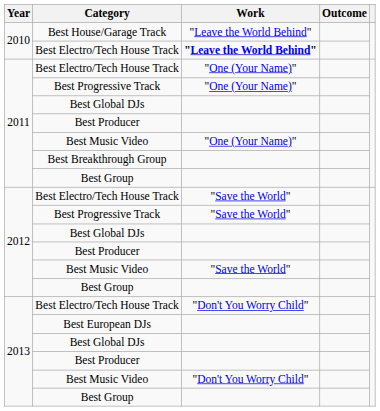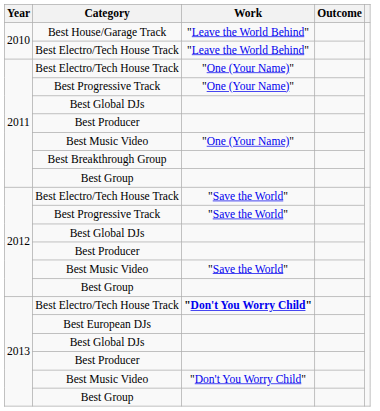 <table class="wikitable plainrowheaders" style="text-align:center;">
 <tr>
 <th>Year</th>
 <th>Category</th>
 <th>Work</th>
 <th>Outcome</th>
 <th></th>
 </tr>
 <tr>
 <td rowspan="2">2010</td>
 <td>Best House/Garage Track</td>
 <td>"<a href='#'>Leave the World Behind</a>"</td>
 <td></td>
 <td rowspan="2"></td>
 </tr>
 <tr>
 <td>Best Electro/Tech House Track</td>
-<td><strong>"<a href='#'>Leave the World Behind</a>"</strong></td>
+<td>"<a href='#'>Leave the World Behind</a>"</td>
 <td></td>
 </tr>
 <tr>
 <td rowspan="7">2011</td>
 <td>Best Electro/Tech House Track</td>
 <td>"<a href='#'>One (Your Name)</a>"</td>
 <td></td>
 <td rowspan="7"></td>
 </tr>
 <tr>
 <td>Best Progressive Track</td>
 <td>"<a href='#'>One (Your Name)</a>"</td>
 <td></td>
 </tr>
 <tr>
 <td>Best Global DJs</td>
 <td></td>
 <td></td>
 </tr>
 <tr>
 <td>Best Producer</td>
 <td></td>
 <td></td>
 </tr>
 <tr>
 <td>Best Music Video</td>
 <td>"<a href='#'>One (Your Name)</a>"</td>
 <td></td>
 </tr>
 <tr>
 <td>Best Breakthrough Group</td>
 <td></td>
 <td></td>
 </tr>
 <tr>
 <td>Best Group</td>
 <td></td>
 <td></td>
 </tr>
 <tr>
 <td rowspan="6">2012</td>
 <td>Best Electro/Tech House Track</td>
 <td>"<a href='#'>Save the World</a>"</td>
 <td></td>
 <td rowspan="6"></td>
 </tr>
 <tr>
 <td>Best Progressive Track</td>
 <td>"<a href='#'>Save the World</a>"</td>
 <td></td>
 </tr>
 <tr>
 <td>Best Global DJs</td>
 <td></td>
 <td></td>
 </tr>
 <tr>
 <td>Best Producer</td>
 <td></td>
 <td></td>
 </tr>
 <tr>
 <td>Best Music Video</td>
 <td>"<a href='#'>Save the World</a>"</td>
 <td></td>
 </tr>
 <tr>
 <td>Best Group</td>
 <td></td>
 <td></td>
 </tr>
 <tr>
 <td rowspan="6">2013</td>
 <td>Best Electro/Tech House Track</td>
-<td>"<a href='#'>Don't You Worry Child</a>"</td>
+<td><strong>"<a href='#'>Don't You Worry Child</a>"</strong></td>
 <td></td>
 <td rowspan="6"></td>
 </tr>
 <tr>
 <td>Best European DJs</td>
 <td></td>
 <td></td>
 </tr>
 <tr>
 <td>Best Global DJs</td>
 <td></td>
 <td></td>
 </tr>
 <tr>
 <td>Best Producer</td>
 <td></td>
 <td></td>
 </tr>
 <tr>
 <td>Best Music Video</td>
 <td>"<a href='#'>Don't You Worry Child</a>"</td>
 <td></td>
 </tr>
 <tr>
 <td>Best Group</td>
 <td></td>
 <td></td>
 </tr>
 </table>
